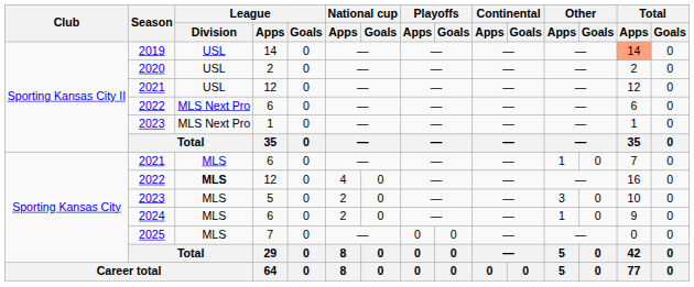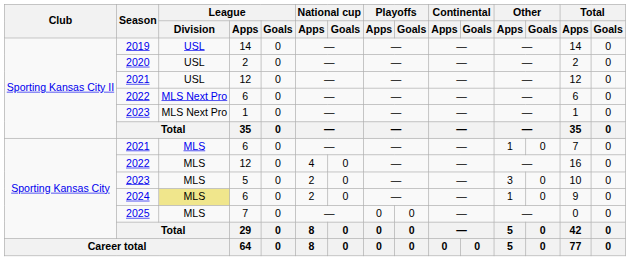 <table class="wikitable" style="text-align:center">
 <tr>
 <th rowspan="2">Club</th>
 <th rowspan="2">Season</th>
 <th colspan="3">League</th>
 <th colspan="2">National cup</th>
 <th colspan="2">Playoffs</th>
 <th colspan="2">Continental</th>
 <th colspan="2">Other</th>
 <th colspan="2">Total</th>
 </tr>
 <tr>
 <th>Division</th>
 <th>Apps</th>
 <th>Goals</th>
 <th>Apps</th>
 <th>Goals</th>
 <th>Apps</th>
 <th>Goals</th>
 <th>Apps</th>
 <th>Goals</th>
 <th>Apps</th>
 <th>Goals</th>
 <th>Apps</th>
 <th>Goals</th>
 </tr>
 <tr>
 <td rowspan=6><a href='#'>Sporting Kansas City II</a></td>
 <td><a href='#'>2019</a></td>
 <td><a href='#'>USL</a></td>
 <td>14</td>
 <td>0</td>
 <td colspan=2>—</td>
 <td colspan=2>—</td>
 <td colspan=2>—</td>
 <td colspan=2>—</td>
-<td style="background: lightsalmon;">14</td>
+<td>14</td>
 <td>0</td>
 </tr>
 <tr>
 <td><a href='#'>2020</a></td>
 <td>USL</td>
 <td>2</td>
 <td>0</td>
 <td colspan=2>—</td>
 <td colspan=2>—</td>
 <td colspan=2>—</td>
 <td colspan=2>—</td>
 <td>2</td>
 <td>0</td>
 </tr>
 <tr>
 <td><a href='#'>2021</a></td>
 <td>USL</td>
 <td>12</td>
 <td>0</td>
 <td colspan=2>—</td>
 <td colspan=2>—</td>
 <td colspan=2>—</td>
 <td colspan=2>—</td>
 <td>12</td>
 <td>0</td>
 </tr>
 <tr>
 <td><a href='#'>2022</a></td>
 <td><a href='#'>MLS Next Pro</a></td>
 <td>6</td>
 <td>0</td>
 <td colspan=2>—</td>
 <td colspan=2>—</td>
 <td colspan=2>—</td>
 <td colspan=2>—</td>
 <td>6</td>
 <td>0</td>
 </tr>
 <tr>
 <td><a href='#'>2023</a></td>
 <td>MLS Next Pro</td>
 <td>1</td>
 <td>0</td>
 <td colspan=2>—</td>
 <td colspan=2>—</td>
 <td colspan=2>—</td>
 <td colspan=2>—</td>
 <td>1</td>
 <td>0</td>
 </tr>
 <tr>
 <th colspan=2>Total</th>
 <th>35</th>
 <th>0</th>
 <th colspan=2>—</th>
 <th colspan=2>—</th>
 <th colspan=2>—</th>
 <th colspan=2>—</th>
 <th>35</th>
 <th>0</th>
 </tr>
 <tr>
 <td rowspan=6><a href='#'>Sporting Kansas City</a></td>
 <td><a href='#'>2021</a></td>
 <td><a href='#'>MLS</a></td>
 <td>6</td>
 <td>0</td>
 <td colspan=2>—</td>
 <td colspan=2>—</td>
 <td colspan=2>—</td>
 <td>1</td>
 <td>0</td>
 <td>7</td>
 <td>0</td>
 </tr>
 <tr>
 <td><a href='#'>2022</a></td>
-<td><strong>MLS</strong></td>
+<td>MLS</td>
 <td>12</td>
 <td>0</td>
 <td>4</td>
 <td>0</td>
 <td colspan=2>—</td>
 <td colspan=2>—</td>
 <td colspan=2>—</td>
 <td>16</td>
 <td>0</td>
 </tr>
 <tr>
 <td><a href='#'>2023</a></td>
 <td>MLS</td>
 <td>5</td>
 <td>0</td>
 <td>2</td>
 <td>0</td>
 <td colspan=2>—</td>
 <td colspan=2>—</td>
 <td>3</td>
 <td>0</td>
 <td>10</td>
 <td>0</td>
 </tr>
 <tr>
 <td><a href='#'>2024</a></td>
-<td>MLS</td>
+<td style="background: khaki;">MLS</td>
 <td>6</td>
 <td>0</td>
 <td>2</td>
 <td>0</td>
 <td colspan=2>—</td>
 <td colspan=2>—</td>
 <td>1</td>
 <td>0</td>
 <td>9</td>
 <td>0</td>
 </tr>
 <tr>
 <td><a href='#'>2025</a></td>
 <td>MLS</td>
 <td>7</td>
 <td>0</td>
 <td colspan=2>—</td>
 <td>0</td>
 <td>0</td>
 <td colspan=2>—</td>
 <td colspan=2>—</td>
 <td>0</td>
 <td>0</td>
 </tr>
 <tr>
 <th colspan=2>Total</th>
 <th>29</th>
 <th>0</th>
 <th>8</th>
 <th>0</th>
 <th>0</th>
 <th>0</th>
 <th colspan=2>—</th>
 <th>5</th>
 <th>0</th>
 <th>42</th>
 <th>0</th>
 </tr>
 <tr>
 <th colspan=3>Career total</th>
 <th>64</th>
 <th>0</th>
 <th>8</th>
 <th>0</th>
 <th>0</th>
 <th>0</th>
 <th>0</th>
 <th>0</th>
 <th>5</th>
 <th>0</th>
 <th>77</th>
 <th>0</th>
 </tr>
 </table>
